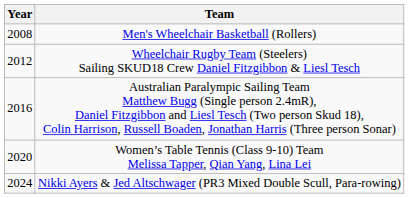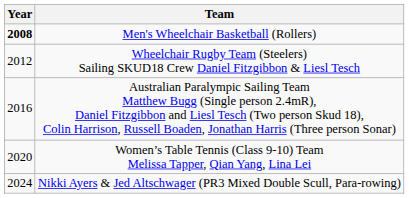 <table class="wikitable" style="text-align:center">
 <tr>
 <th>Year</th>
 <th>Team</th>
 </tr>
 <tr align="center">
-<td>2008</td>
+<td><strong>2008</strong></td>
 <td><a href='#'>Men's Wheelchair Basketball</a> (Rollers)  </td>
 </tr>
 <tr align="center">
 <td>2012</td>
 <td><a href='#'>Wheelchair Rugby Team</a> (Steelers) <br> Sailing SKUD18 Crew <a href='#'>Daniel Fitzgibbon</a> & <a href='#'>Liesl Tesch</a></td>
 </tr>
 <tr align="center">
 <td>2016</td>
 <td>Australian Paralympic Sailing Team <br>   <a href='#'>Matthew Bugg</a> (Single person 2.4mR),<br> <a href='#'>Daniel Fitzgibbon</a> and <a href='#'>Liesl Tesch</a> (Two person Skud 18), <br> <a href='#'>Colin Harrison</a>, <a href='#'>Russell Boaden</a>, <a href='#'>Jonathan Harris</a> (Three person Sonar)</td>
 </tr>
 <tr align="center">
 <td>2020</td>
 <td>Women’s Table Tennis (Class 9-10) Team <br>  <a href='#'>Melissa Tapper</a>, <a href='#'>Qian Yang</a>, <a href='#'>Lina Lei</a></td>
 </tr>
 <tr>
 <td>2024</td>
 <td><a href='#'>Nikki Ayers</a> & <a href='#'>Jed Altschwager</a>  (PR3 Mixed Double Scull, Para-rowing)</td>
 </tr>
 </table>
